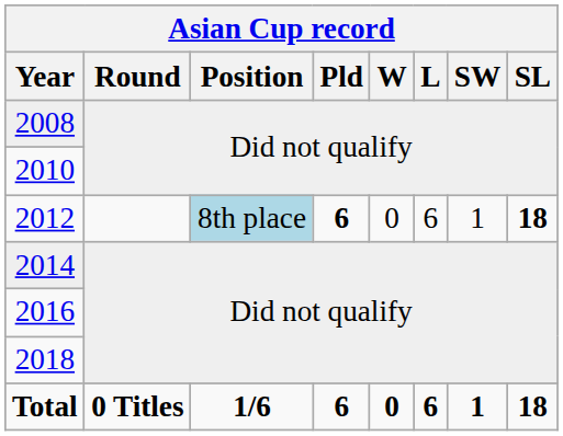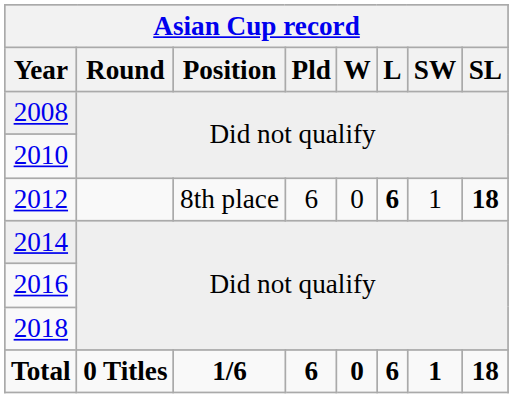 <table class="wikitable" style="text-align: center;">
 <tr>
 <th colspan=8><a href='#'>Asian Cup record</a></th>
 </tr>
 <tr>
 <th>Year</th>
 <th>Round</th>
 <th>Position</th>
 <th>Pld</th>
 <th>W</th>
 <th>L</th>
 <th>SW</th>
 <th>SL</th>
 </tr>
 <tr bgcolor="efefef">
 <td> <a href='#'>2008</a></td>
 <td colspan=8 rowspan=2>Did not qualify</td>
 </tr>
 <tr>
 <td> <a href='#'>2010</a></td>
 </tr>
 <tr>
 <td> <a href='#'>2012</a></td>
 <td></td>
-<td style="background: lightblue;">8th place</td>
+<td>8th place</td>
+<td>6</td>
+<td>0</td>
 <td><strong>6</strong></td>
-<td>0</td>
-<td>6</td>
 <td>1</td>
 <td><strong>18</strong></td>
 </tr>
 <tr bgcolor="efefef">
 <td> <a href='#'>2014</a></td>
 <td colspan=8 rowspan=3>Did not qualify</td>
 </tr>
 <tr>
 <td> <a href='#'>2016</a></td>
 </tr>
 <tr>
 <td> <a href='#'>2018</a></td>
 </tr>
 <tr>
 <td><strong>Total</strong></td>
 <td><strong>0 Titles</strong></td>
 <td><strong>1/6</strong></td>
 <td><strong>6</strong></td>
 <td><strong>0</strong></td>
 <td><strong>6</strong></td>
 <td><strong>1</strong></td>
 <td><strong>18</strong></td>
 </tr>
 </table>
